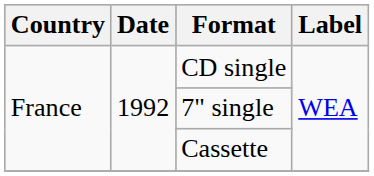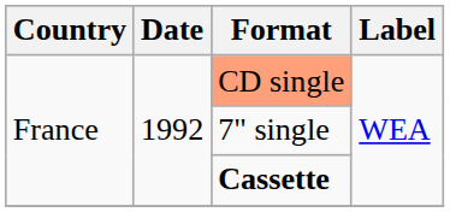 <table class=wikitable>
 <tr>
 <th>Country</th>
 <th>Date</th>
 <th>Format</th>
 <th>Label</th>
 </tr>
 <tr>
 <td rowspan="3">France</td>
 <td rowspan="3">1992</td>
-<td>CD single</td>
+<td style="background: lightsalmon;">CD single</td>
 <td rowspan="3"><a href='#'>WEA</a></td>
 </tr>
 <tr>
 <td>7" single</td>
 </tr>
 <tr>
-<td>Cassette</td>
+<td><strong>Cassette</strong></td>
 </tr>
 <tr>
 </tr>
 </table>
